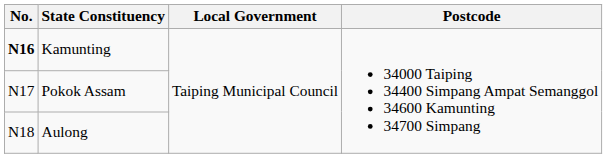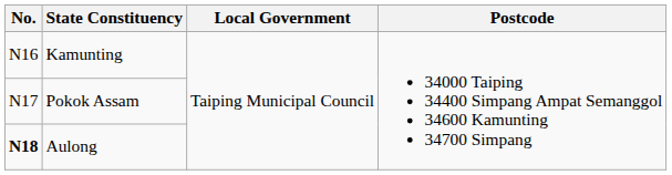 <table class="wikitable">
 <tr>
 <th>No.</th>
 <th>State Constituency</th>
 <th>Local Government</th>
 <th>Postcode</th>
 </tr>
 <tr>
-<td><strong>N16</strong></td>
+<td>N16</td>
 <td>Kamunting</td>
 <td rowspan="3">Taiping Municipal Council</td>
 <td rowspan="3"><br><ul><li>34000 Taiping</li><li>34400 Simpang Ampat Semanggol</li><li>34600 Kamunting</li><li>34700 Simpang</li></ul></td>
 </tr>
 <tr>
 <td>N17</td>
 <td>Pokok Assam</td>
 </tr>
 <tr>
-<td>N18</td>
+<td><strong>N18</strong></td>
 <td>Aulong</td>
 </tr>
 </table>
